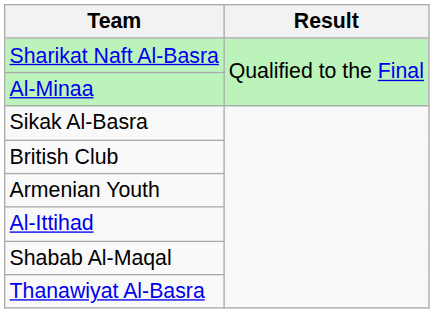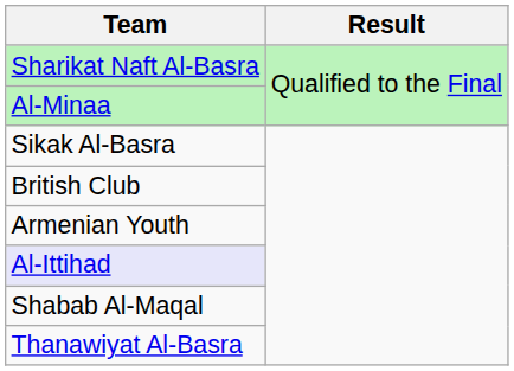 <table class="wikitable" style="text-align: center">
 <tr>
 <th><strong>Team</strong></th>
 <th><strong>Result</strong></th>
 </tr>
 <tr>
 <td style="text-align: left" bgcolor=#BBF3BB><a href='#'>Sharikat Naft Al-Basra</a></td>
 <td bgcolor=#BBF3BB rowspan=2>Qualified to the <a href='#'>Final</a></td>
 </tr>
 <tr>
 <td style="text-align: left" bgcolor=#BBF3BB><a href='#'>Al-Minaa</a></td>
 </tr>
 <tr>
 <td style="text-align: left">Sikak Al-Basra</td>
 </tr>
 <tr>
 <td style="text-align: left">British Club</td>
 </tr>
 <tr>
 <td style="text-align: left">Armenian Youth</td>
 </tr>
 <tr>
-<td style="text-align: left"><a href='#'>Al-Ittihad</a></td>
+<td style="background: lavender; text-align: left"><a href='#'>Al-Ittihad</a></td>
 </tr>
 <tr>
 <td style="text-align: left">Shabab Al-Maqal</td>
 </tr>
 <tr>
 <td style="text-align: left"><a href='#'>Thanawiyat Al-Basra</a></td>
 </tr>
 </table>
